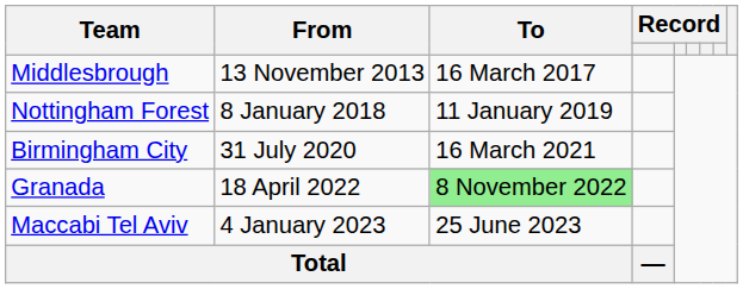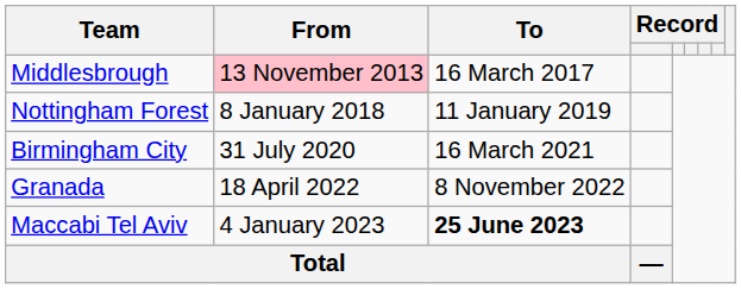 <table class=wikitable style="text-align: left">
 <tr>
 <th rowspan=2>Team</th>
 <th rowspan=2>From</th>
 <th rowspan=2>To</th>
 <th colspan=5>Record</th>
 <th rowspan=2></th>
 </tr>
 <tr>
 <th></th>
 <th></th>
 <th></th>
 <th></th>
 <th></th>
 </tr>
 <tr>
 <td><a href='#'>Middlesbrough</a></td>
-<td>13 November 2013</td>
+<td style="background: pink;">13 November 2013</td>
 <td>16 March 2017<br></td>
 <td style="text-align:center"></td>
 </tr>
 <tr>
 <td><a href='#'>Nottingham Forest</a></td>
 <td>8 January 2018</td>
 <td>11 January 2019<br></td>
 <td style="text-align:center"></td>
 </tr>
 <tr>
 <td><a href='#'>Birmingham City</a></td>
 <td>31 July 2020</td>
 <td>16 March 2021<br></td>
 <td style="text-align:center"></td>
 </tr>
 <tr>
 <td><a href='#'>Granada</a></td>
 <td>18 April 2022</td>
-<td style="background: lightgreen;">8 November 2022<br></td>
+<td>8 November 2022<br></td>
 <td style="text-align:center"></td>
 </tr>
 <tr>
 <td><a href='#'>Maccabi Tel Aviv</a></td>
 <td>4 January 2023</td>
-<td>25 June 2023<br></td>
+<td><strong>25 June 2023<br></strong></td>
 <td style="text-align:center"></td>
 </tr>
 <tr>
 <th colspan=3>Total<br></th>
 <th>—</th>
 </tr>
 </table>
